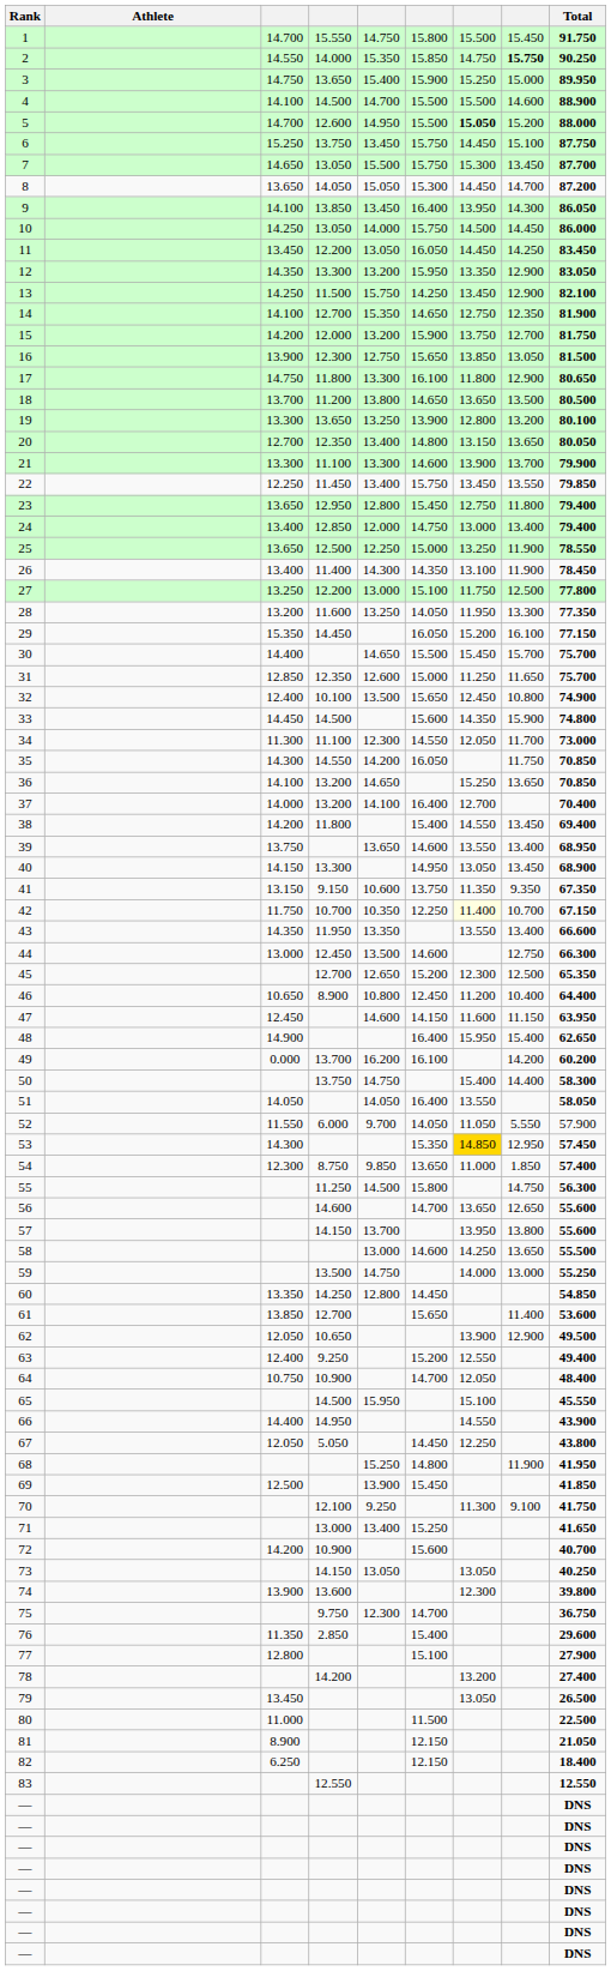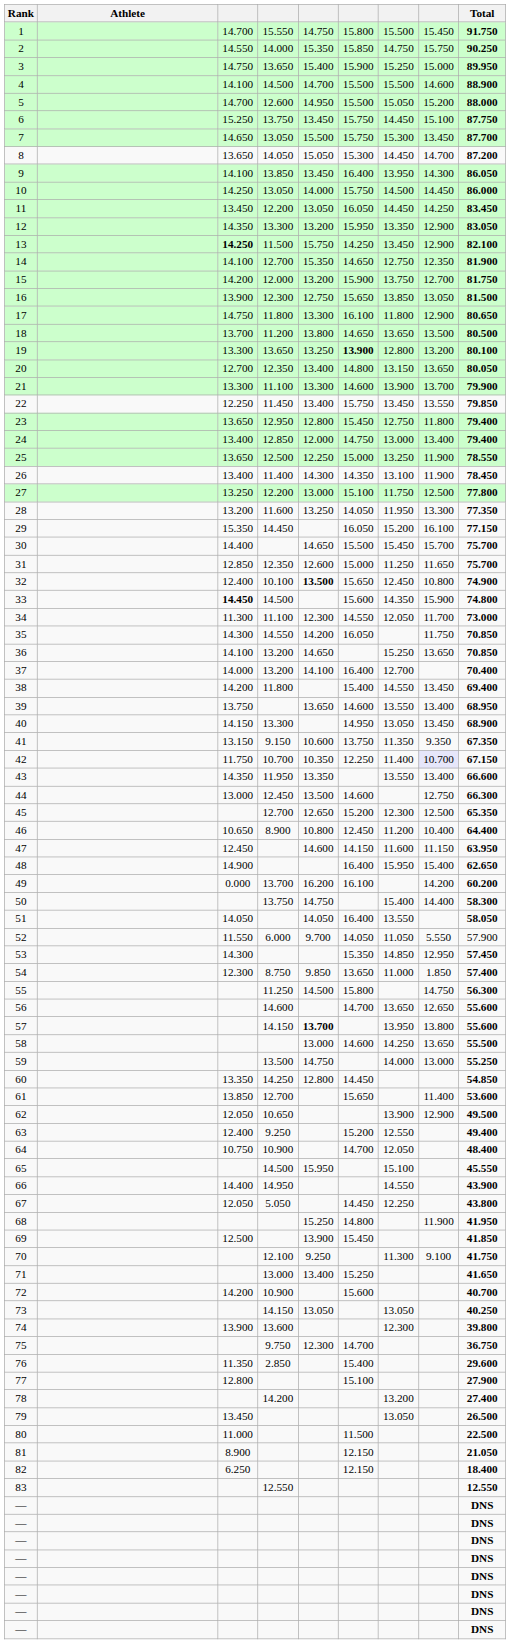 <table class=wikitable style="text-align:center">
 <tr>
 <th width=40>Rank</th>
 <th width=250>Athlete</th>
 <th width=50></th>
 <th width=50></th>
 <th width=50></th>
 <th width=50></th>
 <th width=50></th>
 <th width=50></th>
 <th width=60>Total</th>
 </tr>
 <tr bgcolor="ccffcc">
 <td>1</td>
 <td align=left></td>
 <td>14.700</td>
 <td>15.550</td>
 <td>14.750</td>
 <td>15.800</td>
 <td>15.500</td>
 <td>15.450</td>
 <td><strong>91.750</strong></td>
 </tr>
 <tr bgcolor="ccffcc">
 <td>2</td>
 <td align=left></td>
 <td>14.550</td>
 <td>14.000</td>
 <td>15.350</td>
 <td>15.850</td>
 <td>14.750</td>
-<td><strong>15.750</strong></td>
+<td>15.750</td>
 <td><strong>90.250</strong></td>
 </tr>
 <tr bgcolor="ccffcc">
 <td>3</td>
 <td align=left></td>
 <td>14.750</td>
 <td>13.650</td>
 <td>15.400</td>
 <td>15.900</td>
 <td>15.250</td>
 <td>15.000</td>
 <td><strong>89.950</strong></td>
 </tr>
 <tr bgcolor="ccffcc">
 <td>4</td>
 <td align=left></td>
 <td>14.100</td>
 <td>14.500</td>
 <td>14.700</td>
 <td>15.500</td>
 <td>15.500</td>
 <td>14.600</td>
 <td><strong>88.900</strong></td>
 </tr>
 <tr bgcolor="ccffcc">
 <td>5 </td>
 <td align=left></td>
 <td>14.700</td>
 <td>12.600</td>
 <td>14.950</td>
 <td>15.500</td>
-<td><strong>15.050</strong></td>
+<td>15.050</td>
 <td>15.200</td>
 <td><strong>88.000</strong></td>
 </tr>
 <tr bgcolor="ccffcc">
 <td>6</td>
 <td align=left></td>
 <td>15.250</td>
 <td>13.750</td>
 <td>13.450</td>
 <td>15.750</td>
 <td>14.450</td>
 <td>15.100</td>
 <td><strong>87.750</strong></td>
 </tr>
 <tr bgcolor="ccffcc">
 <td>7</td>
 <td align=left></td>
 <td>14.650</td>
 <td>13.050</td>
 <td>15.500</td>
 <td>15.750</td>
 <td>15.300</td>
 <td>13.450</td>
 <td><strong>87.700</strong></td>
 </tr>
 <tr>
 <td>8 </td>
 <td align=left></td>
 <td>13.650</td>
 <td>14.050</td>
 <td>15.050</td>
 <td>15.300</td>
 <td>14.450</td>
 <td>14.700</td>
 <td><strong>87.200</strong></td>
 </tr>
 <tr bgcolor="ccffcc">
 <td>9 </td>
 <td align=left></td>
 <td>14.100</td>
 <td>13.850</td>
 <td>13.450</td>
 <td>16.400</td>
 <td>13.950</td>
 <td>14.300</td>
 <td><strong>86.050</strong></td>
 </tr>
 <tr bgcolor="ccffcc">
 <td>10</td>
 <td align=left></td>
 <td>14.250</td>
 <td>13.050</td>
 <td>14.000</td>
 <td>15.750</td>
 <td>14.500</td>
 <td>14.450</td>
 <td><strong>86.000</strong></td>
 </tr>
 <tr bgcolor="ccffcc">
 <td>11</td>
 <td align=left></td>
 <td>13.450</td>
 <td>12.200</td>
 <td>13.050</td>
 <td>16.050</td>
 <td>14.450</td>
 <td>14.250</td>
 <td><strong>83.450</strong></td>
 </tr>
 <tr bgcolor="ccffcc">
 <td>12</td>
 <td align=left></td>
 <td>14.350</td>
 <td>13.300</td>
 <td>13.200</td>
 <td>15.950</td>
 <td>13.350</td>
 <td>12.900</td>
 <td><strong>83.050</strong></td>
 </tr>
 <tr bgcolor="ccffcc">
 <td>13</td>
 <td align=left></td>
-<td>14.250</td>
+<td><strong>14.250</strong></td>
 <td>11.500</td>
 <td>15.750</td>
 <td>14.250</td>
 <td>13.450</td>
 <td>12.900</td>
 <td><strong>82.100</strong></td>
 </tr>
 <tr bgcolor="ccffcc">
 <td>14 </td>
 <td align=left></td>
 <td>14.100</td>
 <td>12.700</td>
 <td>15.350</td>
 <td>14.650</td>
 <td>12.750</td>
 <td>12.350</td>
 <td><strong>81.900</strong></td>
 </tr>
 <tr bgcolor="ccffcc">
 <td>15 </td>
 <td align=left></td>
 <td>14.200</td>
 <td>12.000</td>
 <td>13.200</td>
 <td>15.900</td>
 <td>13.750</td>
 <td>12.700</td>
 <td><strong>81.750</strong></td>
 </tr>
 <tr bgcolor="ccffcc">
 <td>16</td>
 <td align=left></td>
 <td>13.900</td>
 <td>12.300</td>
 <td>12.750</td>
 <td>15.650</td>
 <td>13.850</td>
 <td>13.050</td>
 <td><strong>81.500</strong></td>
 </tr>
 <tr bgcolor="ccffcc">
 <td>17</td>
 <td align=left></td>
 <td>14.750</td>
 <td>11.800</td>
 <td>13.300</td>
 <td>16.100</td>
 <td>11.800</td>
 <td>12.900</td>
 <td><strong>80.650</strong></td>
 </tr>
 <tr bgcolor="ccffcc">
 <td>18</td>
 <td align=left></td>
 <td>13.700</td>
 <td>11.200</td>
 <td>13.800</td>
 <td>14.650</td>
 <td>13.650</td>
 <td>13.500</td>
 <td><strong>80.500</strong></td>
 </tr>
 <tr bgcolor="ccffcc">
 <td>19</td>
 <td align=left></td>
 <td>13.300</td>
 <td>13.650</td>
 <td>13.250</td>
-<td>13.900</td>
+<td><strong>13.900</strong></td>
 <td>12.800</td>
 <td>13.200</td>
 <td><strong>80.100</strong></td>
 </tr>
 <tr bgcolor="ccffcc">
 <td>20</td>
 <td align=left></td>
 <td>12.700</td>
 <td>12.350</td>
 <td>13.400</td>
 <td>14.800</td>
 <td>13.150</td>
 <td>13.650</td>
 <td><strong>80.050</strong></td>
 </tr>
 <tr bgcolor="ccffcc">
 <td>21</td>
 <td align=left></td>
 <td>13.300</td>
 <td>11.100</td>
 <td>13.300</td>
 <td>14.600</td>
 <td>13.900</td>
 <td>13.700</td>
 <td><strong>79.900</strong></td>
 </tr>
 <tr>
 <td>22</td>
 <td align=left></td>
 <td>12.250</td>
 <td>11.450</td>
 <td>13.400</td>
 <td>15.750</td>
 <td>13.450</td>
 <td>13.550</td>
 <td><strong>79.850</strong></td>
 </tr>
 <tr bgcolor="ccffcc">
 <td>23</td>
 <td align=left></td>
 <td>13.650</td>
 <td>12.950</td>
 <td>12.800</td>
 <td>15.450</td>
 <td>12.750</td>
 <td>11.800</td>
 <td><strong>79.400</strong></td>
 </tr>
 <tr bgcolor="ccffcc">
 <td>24</td>
 <td align=left></td>
 <td>13.400</td>
 <td>12.850</td>
 <td>12.000</td>
 <td>14.750</td>
 <td>13.000</td>
 <td>13.400</td>
 <td><strong>79.400</strong></td>
 </tr>
 <tr bgcolor="ccffcc">
 <td>25</td>
 <td align=left></td>
 <td>13.650</td>
 <td>12.500</td>
 <td>12.250</td>
 <td>15.000</td>
 <td>13.250</td>
 <td>11.900</td>
 <td><strong>78.550</strong></td>
 </tr>
 <tr>
 <td>26 </td>
 <td align=left></td>
 <td>13.400</td>
 <td>11.400</td>
 <td>14.300</td>
 <td>14.350</td>
 <td>13.100</td>
 <td>11.900</td>
 <td><strong>78.450</strong></td>
 </tr>
 <tr bgcolor="ccffcc">
 <td>27</td>
 <td align=left></td>
 <td>13.250</td>
 <td>12.200</td>
 <td>13.000</td>
 <td>15.100</td>
 <td>11.750</td>
 <td>12.500</td>
 <td><strong>77.800</strong></td>
 </tr>
 <tr>
 <td>28</td>
 <td align=left></td>
 <td>13.200</td>
 <td>11.600</td>
 <td>13.250</td>
 <td>14.050</td>
 <td>11.950</td>
 <td>13.300</td>
 <td><strong>77.350</strong></td>
 </tr>
 <tr>
 <td>29</td>
 <td align=left></td>
 <td>15.350</td>
 <td>14.450</td>
 <td></td>
 <td>16.050</td>
 <td>15.200</td>
 <td>16.100</td>
 <td><strong>77.150</strong></td>
 </tr>
 <tr>
 <td>30</td>
 <td align=left></td>
 <td>14.400</td>
 <td></td>
 <td>14.650</td>
 <td>15.500</td>
 <td>15.450</td>
 <td>15.700</td>
 <td><strong>75.700</strong></td>
 </tr>
 <tr>
 <td>31</td>
 <td align=left></td>
 <td>12.850</td>
 <td>12.350</td>
 <td>12.600</td>
 <td>15.000</td>
 <td>11.250</td>
 <td>11.650</td>
 <td><strong>75.700</strong></td>
 </tr>
 <tr>
 <td>32 </td>
 <td align=left></td>
 <td>12.400</td>
 <td>10.100</td>
-<td>13.500</td>
+<td><strong>13.500</strong></td>
 <td>15.650</td>
 <td>12.450</td>
 <td>10.800</td>
 <td><strong>74.900</strong></td>
 </tr>
 <tr>
 <td>33</td>
 <td align=left></td>
-<td>14.450</td>
+<td><strong>14.450</strong></td>
 <td>14.500</td>
 <td></td>
 <td>15.600</td>
 <td>14.350</td>
 <td>15.900</td>
 <td><strong>74.800</strong></td>
 </tr>
 <tr>
 <td>34</td>
 <td align=left></td>
 <td>11.300</td>
 <td>11.100</td>
 <td>12.300</td>
 <td>14.550</td>
 <td>12.050</td>
 <td>11.700</td>
 <td><strong>73.000</strong></td>
 </tr>
 <tr>
 <td>35</td>
 <td align=left></td>
 <td>14.300</td>
 <td>14.550</td>
 <td>14.200</td>
 <td>16.050</td>
 <td></td>
 <td>11.750</td>
 <td><strong>70.850</strong></td>
 </tr>
 <tr>
 <td>36</td>
 <td align=left></td>
 <td>14.100</td>
 <td>13.200</td>
 <td>14.650</td>
 <td></td>
 <td>15.250</td>
 <td>13.650</td>
 <td><strong>70.850</strong></td>
 </tr>
 <tr>
 <td>37</td>
 <td align=left></td>
 <td>14.000</td>
 <td>13.200</td>
 <td>14.100</td>
 <td>16.400</td>
 <td>12.700</td>
 <td></td>
 <td><strong>70.400</strong></td>
 </tr>
 <tr>
 <td>38</td>
 <td align=left></td>
 <td>14.200</td>
 <td>11.800</td>
 <td></td>
 <td>15.400</td>
 <td>14.550</td>
 <td>13.450</td>
 <td><strong>69.400</strong></td>
 </tr>
 <tr>
 <td>39</td>
 <td align=left></td>
 <td>13.750</td>
 <td></td>
 <td>13.650</td>
 <td>14.600</td>
 <td>13.550</td>
 <td>13.400</td>
 <td><strong>68.950</strong></td>
 </tr>
 <tr>
 <td>40</td>
 <td align=left></td>
 <td>14.150</td>
 <td>13.300</td>
 <td></td>
 <td>14.950</td>
 <td>13.050</td>
 <td>13.450</td>
 <td><strong>68.900</strong></td>
 </tr>
 <tr>
 <td>41 </td>
 <td align=left></td>
 <td>13.150</td>
 <td>9.150</td>
 <td>10.600</td>
 <td>13.750</td>
 <td>11.350</td>
 <td>9.350</td>
 <td><strong>67.350</strong></td>
 </tr>
 <tr>
 <td>42</td>
 <td align=left></td>
 <td>11.750</td>
 <td>10.700</td>
 <td>10.350</td>
 <td>12.250</td>
-<td style="background: lightyellow;">11.400</td>
-<td>10.700</td>
+<td>11.400</td>
+<td style="background: lavender;">10.700</td>
 <td><strong>67.150</strong></td>
 </tr>
 <tr>
 <td>43</td>
 <td align=left></td>
 <td>14.350</td>
 <td>11.950</td>
 <td>13.350</td>
 <td></td>
 <td>13.550</td>
 <td>13.400</td>
 <td><strong>66.600</strong></td>
 </tr>
 <tr>
 <td>44</td>
 <td align=left></td>
 <td>13.000</td>
 <td>12.450</td>
 <td>13.500</td>
 <td>14.600</td>
 <td></td>
 <td>12.750</td>
 <td><strong>66.300</strong></td>
 </tr>
 <tr>
 <td>45</td>
 <td align=left></td>
 <td></td>
 <td>12.700</td>
 <td>12.650</td>
 <td>15.200</td>
 <td>12.300</td>
 <td>12.500</td>
 <td><strong>65.350</strong></td>
 </tr>
 <tr>
 <td>46</td>
 <td align=left></td>
 <td>10.650</td>
 <td>8.900</td>
 <td>10.800</td>
 <td>12.450</td>
 <td>11.200</td>
 <td>10.400</td>
 <td><strong>64.400</strong></td>
 </tr>
 <tr>
 <td>47</td>
 <td align=left></td>
 <td>12.450</td>
 <td></td>
 <td>14.600</td>
 <td>14.150</td>
 <td>11.600</td>
 <td>11.150</td>
 <td><strong>63.950</strong></td>
 </tr>
 <tr>
 <td>48</td>
 <td align=left></td>
 <td>14.900</td>
 <td></td>
 <td></td>
 <td>16.400</td>
 <td>15.950</td>
 <td>15.400</td>
 <td><strong>62.650</strong></td>
 </tr>
 <tr>
 <td>49</td>
 <td align=left></td>
 <td>0.000</td>
 <td>13.700</td>
 <td>16.200</td>
 <td>16.100</td>
 <td></td>
 <td>14.200</td>
 <td><strong>60.200</strong></td>
 </tr>
 <tr>
 <td>50</td>
 <td align=left></td>
 <td></td>
 <td>13.750</td>
 <td>14.750</td>
 <td></td>
 <td>15.400</td>
 <td>14.400</td>
 <td><strong>58.300</strong></td>
 </tr>
 <tr>
 <td>51</td>
 <td align=left></td>
 <td>14.050</td>
 <td></td>
 <td>14.050</td>
 <td>16.400</td>
 <td>13.550</td>
 <td></td>
 <td><strong>58.050</strong></td>
 </tr>
 <tr>
 <td>52</td>
 <td align=left></td>
 <td>11.550</td>
 <td>6.000</td>
 <td>9.700</td>
 <td>14.050</td>
 <td>11.050</td>
 <td>5.550</td>
 <td>57.900</td>
 </tr>
 <tr>
 <td>53</td>
 <td align=left></td>
 <td>14.300</td>
 <td></td>
 <td></td>
 <td>15.350</td>
-<td style="background: gold;">14.850</td>
+<td>14.850</td>
 <td>12.950</td>
 <td><strong>57.450</strong></td>
 </tr>
 <tr>
 <td>54</td>
 <td align=left></td>
 <td>12.300</td>
 <td>8.750</td>
 <td>9.850</td>
 <td>13.650</td>
 <td>11.000</td>
 <td>1.850</td>
 <td><strong>57.400</strong></td>
 </tr>
 <tr>
 <td>55</td>
 <td align=left></td>
 <td></td>
 <td>11.250</td>
 <td>14.500</td>
 <td>15.800</td>
 <td></td>
 <td>14.750</td>
 <td><strong>56.300</strong></td>
 </tr>
 <tr>
 <td>56</td>
 <td align=left></td>
 <td></td>
 <td>14.600</td>
 <td></td>
 <td>14.700</td>
 <td>13.650</td>
 <td>12.650</td>
 <td><strong>55.600</strong></td>
 </tr>
 <tr>
 <td>57</td>
 <td align=left></td>
 <td></td>
 <td>14.150</td>
-<td>13.700</td>
+<td><strong>13.700</strong></td>
 <td></td>
 <td>13.950</td>
 <td>13.800</td>
 <td><strong>55.600</strong></td>
 </tr>
 <tr>
 <td>58</td>
 <td align=left></td>
 <td></td>
 <td></td>
 <td>13.000</td>
 <td>14.600</td>
 <td>14.250</td>
 <td>13.650</td>
 <td><strong>55.500</strong></td>
 </tr>
 <tr>
 <td>59</td>
 <td align=left></td>
 <td></td>
 <td>13.500</td>
 <td>14.750</td>
 <td></td>
 <td>14.000</td>
 <td>13.000</td>
 <td><strong>55.250</strong></td>
 </tr>
 <tr>
 <td>60</td>
 <td align=left></td>
 <td>13.350</td>
 <td>14.250</td>
 <td>12.800</td>
 <td>14.450</td>
 <td></td>
 <td></td>
 <td><strong>54.850</strong></td>
 </tr>
 <tr>
 <td>61</td>
 <td align=left></td>
 <td>13.850</td>
 <td>12.700</td>
 <td></td>
 <td>15.650</td>
 <td></td>
 <td>11.400</td>
 <td><strong>53.600</strong></td>
 </tr>
 <tr>
 <td>62</td>
 <td align=left></td>
 <td>12.050</td>
 <td>10.650</td>
 <td></td>
 <td></td>
 <td>13.900</td>
 <td>12.900</td>
 <td><strong>49.500</strong></td>
 </tr>
 <tr>
 <td>63</td>
 <td align=left></td>
 <td>12.400</td>
 <td>9.250</td>
 <td></td>
 <td>15.200</td>
 <td>12.550</td>
 <td></td>
 <td><strong>49.400</strong></td>
 </tr>
 <tr>
 <td>64</td>
 <td align=left></td>
 <td>10.750</td>
 <td>10.900</td>
 <td></td>
 <td>14.700</td>
 <td>12.050</td>
 <td></td>
 <td><strong>48.400</strong></td>
 </tr>
 <tr>
 <td>65</td>
 <td align=left></td>
 <td></td>
 <td>14.500</td>
 <td>15.950</td>
 <td></td>
 <td>15.100</td>
 <td></td>
 <td><strong>45.550</strong></td>
 </tr>
 <tr>
 <td>66</td>
 <td align=left></td>
 <td>14.400</td>
 <td>14.950</td>
 <td></td>
 <td></td>
 <td>14.550</td>
 <td></td>
 <td><strong>43.900</strong></td>
 </tr>
 <tr>
 <td>67</td>
 <td align=left></td>
 <td>12.050</td>
 <td>5.050</td>
 <td></td>
 <td>14.450</td>
 <td>12.250</td>
 <td></td>
 <td><strong>43.800</strong></td>
 </tr>
 <tr>
 <td>68</td>
 <td align=left></td>
 <td></td>
 <td></td>
 <td>15.250</td>
 <td>14.800</td>
 <td></td>
 <td>11.900</td>
 <td><strong>41.950</strong></td>
 </tr>
 <tr>
 <td>69</td>
 <td align=left></td>
 <td>12.500</td>
 <td></td>
 <td>13.900</td>
 <td>15.450</td>
 <td></td>
 <td></td>
 <td><strong>41.850</strong></td>
 </tr>
 <tr>
 <td>70</td>
 <td align=left></td>
 <td></td>
 <td>12.100</td>
 <td>9.250</td>
 <td></td>
 <td>11.300</td>
 <td>9.100</td>
 <td><strong>41.750</strong></td>
 </tr>
 <tr>
 <td>71</td>
 <td align=left></td>
 <td></td>
 <td>13.000</td>
 <td>13.400</td>
 <td>15.250</td>
 <td></td>
 <td></td>
 <td><strong>41.650</strong></td>
 </tr>
 <tr>
 <td>72</td>
 <td align=left></td>
 <td>14.200</td>
 <td>10.900</td>
 <td></td>
 <td>15.600</td>
 <td></td>
 <td></td>
 <td><strong>40.700</strong></td>
 </tr>
 <tr>
 <td>73</td>
 <td align=left></td>
 <td></td>
 <td>14.150</td>
 <td>13.050</td>
 <td></td>
 <td>13.050</td>
 <td></td>
 <td><strong>40.250</strong></td>
 </tr>
 <tr>
 <td>74</td>
 <td align=left></td>
 <td>13.900</td>
 <td>13.600</td>
 <td></td>
 <td></td>
 <td>12.300</td>
 <td></td>
 <td><strong>39.800</strong></td>
 </tr>
 <tr>
 <td>75</td>
 <td align=left></td>
 <td></td>
 <td>9.750</td>
 <td>12.300</td>
 <td>14.700</td>
 <td></td>
 <td></td>
 <td><strong>36.750</strong></td>
 </tr>
 <tr>
 <td>76</td>
 <td align=left></td>
 <td>11.350</td>
 <td>2.850</td>
 <td></td>
 <td>15.400</td>
 <td></td>
 <td></td>
 <td><strong>29.600</strong></td>
 </tr>
 <tr>
 <td>77</td>
 <td align=left></td>
 <td>12.800</td>
 <td></td>
 <td></td>
 <td>15.100</td>
 <td></td>
 <td></td>
 <td><strong>27.900</strong></td>
 </tr>
 <tr>
 <td>78</td>
 <td align=left></td>
 <td></td>
 <td>14.200</td>
 <td></td>
 <td></td>
 <td>13.200</td>
 <td></td>
 <td><strong>27.400</strong></td>
 </tr>
 <tr>
 <td>79</td>
 <td align=left></td>
 <td>13.450</td>
 <td></td>
 <td></td>
 <td></td>
 <td>13.050</td>
 <td></td>
 <td><strong>26.500</strong></td>
 </tr>
 <tr>
 <td>80</td>
 <td align=left></td>
 <td>11.000</td>
 <td></td>
 <td></td>
 <td>11.500</td>
 <td></td>
 <td></td>
 <td><strong>22.500</strong></td>
 </tr>
 <tr>
 <td>81</td>
 <td align=left></td>
 <td>8.900</td>
 <td></td>
 <td></td>
 <td>12.150</td>
 <td></td>
 <td></td>
 <td><strong>21.050</strong></td>
 </tr>
 <tr>
 <td>82</td>
 <td align=left></td>
 <td>6.250</td>
 <td></td>
 <td></td>
 <td>12.150</td>
 <td></td>
 <td></td>
 <td><strong>18.400</strong></td>
 </tr>
 <tr>
 <td>83</td>
 <td align=left></td>
 <td></td>
 <td>12.550</td>
 <td></td>
 <td></td>
 <td></td>
 <td></td>
 <td><strong>12.550</strong></td>
 </tr>
 <tr>
 <td>—</td>
 <td align=left></td>
 <td></td>
 <td></td>
 <td></td>
 <td></td>
 <td></td>
 <td></td>
 <td><strong>DNS</strong></td>
 </tr>
 <tr>
 <td>—</td>
 <td align=left></td>
 <td></td>
 <td></td>
 <td></td>
 <td></td>
 <td></td>
 <td></td>
 <td><strong>DNS</strong></td>
 </tr>
 <tr>
 <td>—</td>
 <td align=left></td>
 <td></td>
 <td></td>
 <td></td>
 <td></td>
 <td></td>
 <td></td>
 <td><strong>DNS</strong></td>
 </tr>
 <tr>
 <td>—</td>
 <td align=left></td>
 <td></td>
 <td></td>
 <td></td>
 <td></td>
 <td></td>
 <td></td>
 <td><strong>DNS</strong></td>
 </tr>
 <tr>
 <td>—</td>
 <td align=left></td>
 <td></td>
 <td></td>
 <td></td>
 <td></td>
 <td></td>
 <td></td>
 <td><strong>DNS</strong></td>
 </tr>
 <tr>
 <td>—</td>
 <td align=left></td>
 <td></td>
 <td></td>
 <td></td>
 <td></td>
 <td></td>
 <td></td>
 <td><strong>DNS</strong></td>
 </tr>
 <tr>
 <td>—</td>
 <td align=left></td>
 <td></td>
 <td></td>
 <td></td>
 <td></td>
 <td></td>
 <td></td>
 <td><strong>DNS</strong></td>
 </tr>
 <tr>
 <td>—</td>
 <td align=left></td>
 <td></td>
 <td></td>
 <td></td>
 <td></td>
 <td></td>
 <td></td>
 <td><strong>DNS</strong></td>
 </tr>
 </table>
